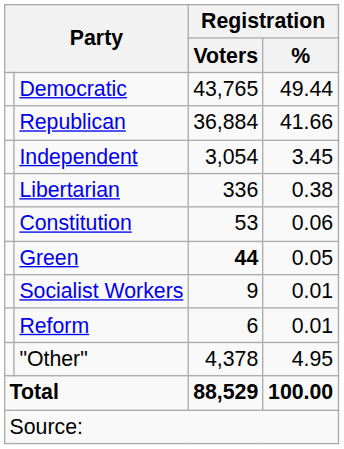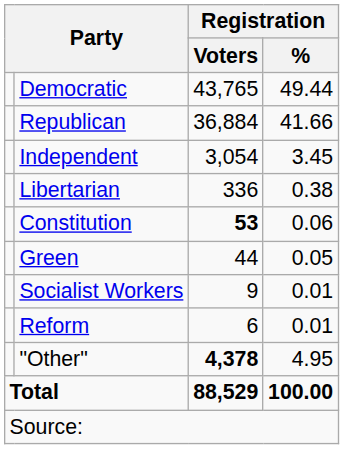 <table class="wikitable">
 <tr>
 <th colspan="2" rowspan="2">Party</th>
 <th colspan="2">Registration</th>
 </tr>
 <tr>
 <th>Voters</th>
 <th>%</th>
 </tr>
 <tr>
 <td style="background-color:"></td>
 <td><a href='#'>Democratic</a></td>
 <td style="text-align:right;">43,765</td>
 <td style="text-align:right;">49.44</td>
 </tr>
 <tr>
 <td style="background-color:"></td>
 <td><a href='#'>Republican</a></td>
 <td style="text-align:right;">36,884</td>
 <td style="text-align:right;">41.66</td>
 </tr>
 <tr>
 <td style="background-color:"></td>
 <td><a href='#'>Independent</a></td>
 <td style="text-align:right;">3,054</td>
 <td style="text-align:right;">3.45</td>
 </tr>
 <tr>
 <td style="background-color:"></td>
 <td><a href='#'>Libertarian</a></td>
 <td style="text-align:right;">336</td>
 <td style="text-align:right;">0.38</td>
 </tr>
 <tr>
 <td style="background-color:"></td>
 <td><a href='#'>Constitution</a></td>
-<td style="text-align:right;">53</td>
+<td style="text-align:right;"><strong>53</strong></td>
 <td style="text-align:right;">0.06</td>
 </tr>
 <tr>
 <td style="background-color:"></td>
 <td><a href='#'>Green</a></td>
-<td style="text-align:right;"><strong>44</strong></td>
+<td style="text-align:right;">44</td>
 <td style="text-align:right;">0.05</td>
 </tr>
 <tr>
 <td style="background-color:"></td>
 <td><a href='#'>Socialist Workers</a></td>
 <td style="text-align:right;">9</td>
 <td style="text-align:right;">0.01</td>
 </tr>
 <tr>
 <td style="background-color:"></td>
 <td><a href='#'>Reform</a></td>
 <td style="text-align:right;">6</td>
 <td style="text-align:right;">0.01</td>
 </tr>
 <tr>
 <td></td>
 <td>"Other"</td>
-<td style="text-align:right;">4,378</td>
+<td style="text-align:right;"><strong>4,378</strong></td>
 <td style="text-align:right;">4.95</td>
 </tr>
 <tr>
 <td colspan="2"><strong>Total</strong></td>
 <td style="text-align:right;"><strong>88,529</strong></td>
 <td style="text-align:right;"><strong>100.00</strong></td>
 </tr>
 <tr>
 <td colspan="4">Source: <em></em></td>
 </tr>
 </table>
